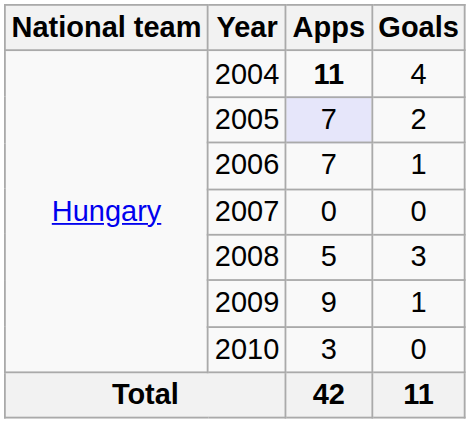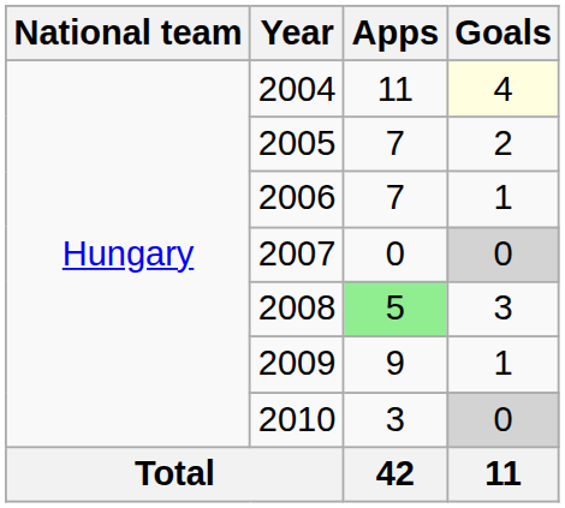 <table class="wikitable" style="text-align:center">
 <tr>
 <th>National team</th>
 <th>Year</th>
 <th>Apps</th>
 <th>Goals</th>
 </tr>
 <tr>
 <td rowspan="7"><a href='#'>Hungary</a></td>
 <td>2004</td>
-<td><strong>11</strong></td>
-<td>4</td>
+<td>11</td>
+<td style="background: lightyellow;">4</td>
 </tr>
 <tr>
 <td>2005</td>
-<td style="background: lavender;">7</td>
+<td>7</td>
 <td>2</td>
 </tr>
 <tr>
 <td>2006</td>
 <td>7</td>
 <td>1</td>
 </tr>
 <tr>
 <td>2007</td>
 <td>0</td>
-<td>0</td>
+<td style="background: lightgrey;">0</td>
 </tr>
 <tr>
 <td>2008</td>
-<td>5</td>
+<td style="background: lightgreen;">5</td>
 <td>3</td>
 </tr>
 <tr>
 <td>2009</td>
 <td>9</td>
 <td>1</td>
 </tr>
 <tr>
 <td>2010</td>
 <td>3</td>
-<td>0</td>
+<td style="background: lightgrey;">0</td>
 </tr>
 <tr>
 <th colspan="2">Total</th>
 <th>42</th>
 <th>11</th>
 </tr>
 </table>
